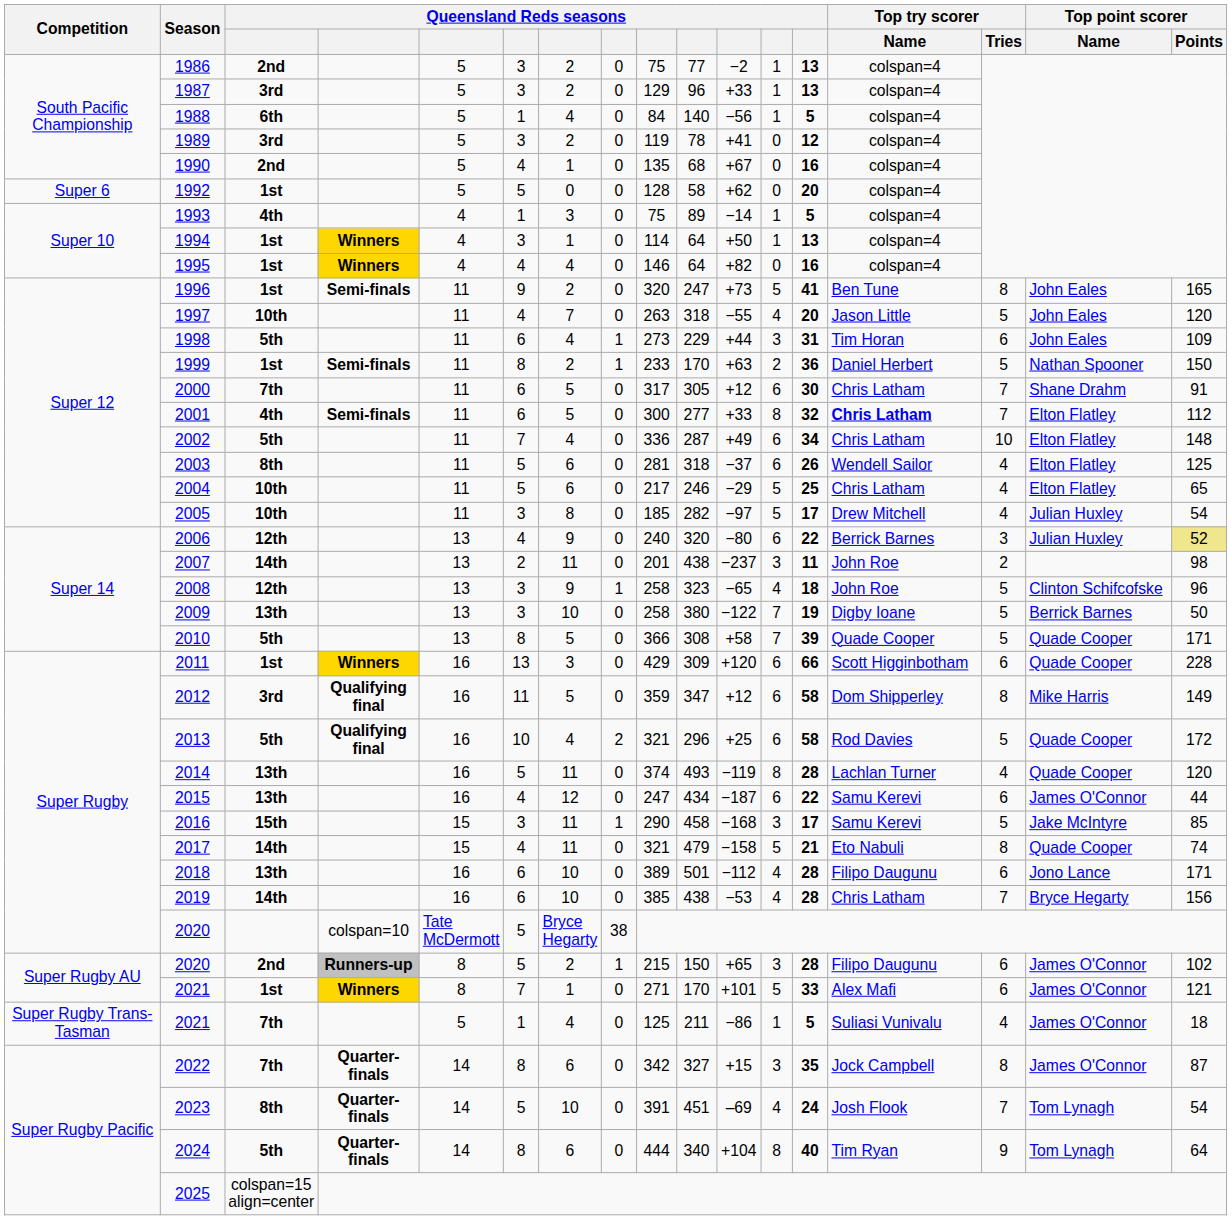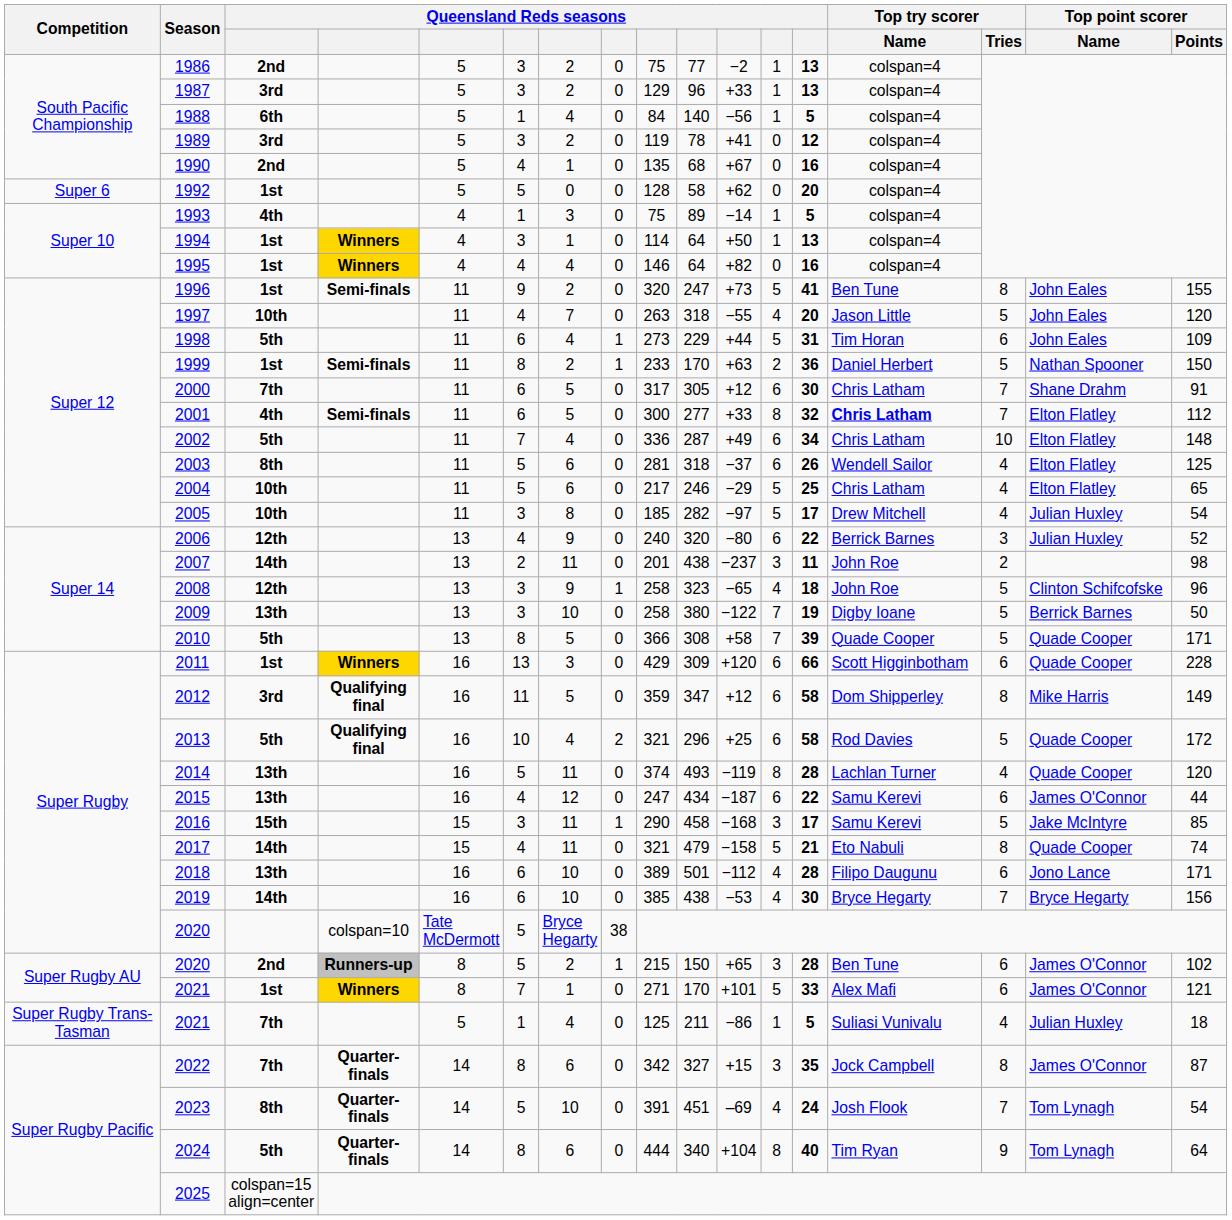 <table class="wikitable" style="text-align: center">
 <tr>
 <th rowspan="2" style="width:200px;">Competition</th>
 <th rowspan="2" style="width:60px;">Season</th>
 <th colspan=11><a href='#'>Queensland Reds seasons</a></th>
 <th colspan=2>Top try scorer</th>
 <th colspan=2>Top point scorer</th>
 </tr>
 <tr>
 <th width=40px></th>
 <th style="width:110px;"></th>
 <th width=40px></th>
 <th width=40px></th>
 <th width=40px></th>
 <th width=40px></th>
 <th width=40px></th>
 <th width=40px></th>
 <th width=40px></th>
 <th width=40px></th>
 <th width=40px></th>
 <th style="width:200px;">Name</th>
 <th>Tries</th>
 <th style="width:200px;">Name</th>
 <th>Points</th>
 </tr>
 <tr>
 <td rowspan=5><a href='#'>South Pacific Championship</a></td>
 <td><a href='#'>1986</a></td>
 <td><strong>2nd</strong></td>
 <td></td>
 <td>5</td>
 <td>3</td>
 <td>2</td>
 <td>0</td>
 <td>75</td>
 <td>77</td>
 <td>−2</td>
 <td>1</td>
 <td><strong>13</strong></td>
 <td>colspan=4 </td>
 </tr>
 <tr>
 <td><a href='#'>1987</a></td>
 <td><strong>3rd</strong></td>
 <td></td>
 <td>5</td>
 <td>3</td>
 <td>2</td>
 <td>0</td>
 <td>129</td>
 <td>96</td>
 <td>+33</td>
 <td>1</td>
 <td><strong>13</strong></td>
 <td>colspan=4 </td>
 </tr>
 <tr>
 <td><a href='#'>1988</a></td>
 <td><strong>6th</strong></td>
 <td></td>
 <td>5</td>
 <td>1</td>
 <td>4</td>
 <td>0</td>
 <td>84</td>
 <td>140</td>
 <td>−56</td>
 <td>1</td>
 <td><strong>5</strong></td>
 <td>colspan=4 </td>
 </tr>
 <tr>
 <td><a href='#'>1989</a></td>
 <td><strong>3rd</strong></td>
 <td></td>
 <td>5</td>
 <td>3</td>
 <td>2</td>
 <td>0</td>
 <td>119</td>
 <td>78</td>
 <td>+41</td>
 <td>0</td>
 <td><strong>12</strong></td>
 <td>colspan=4 </td>
 </tr>
 <tr>
 <td><a href='#'>1990</a></td>
 <td><strong>2nd</strong></td>
 <td></td>
 <td>5</td>
 <td>4</td>
 <td>1</td>
 <td>0</td>
 <td>135</td>
 <td>68</td>
 <td>+67</td>
 <td>0</td>
 <td><strong>16</strong></td>
 <td>colspan=4 </td>
 </tr>
 <tr>
 <td><a href='#'>Super 6</a></td>
 <td><a href='#'>1992</a></td>
 <td><strong>1st</strong></td>
 <td></td>
 <td>5</td>
 <td>5</td>
 <td>0</td>
 <td>0</td>
 <td>128</td>
 <td>58</td>
 <td>+62</td>
 <td>0</td>
 <td><strong>20</strong></td>
 <td>colspan=4 </td>
 </tr>
 <tr>
 <td rowspan="3"><a href='#'>Super 10</a></td>
 <td><a href='#'>1993</a></td>
 <td><strong>4th</strong></td>
 <td></td>
 <td>4</td>
 <td>1</td>
 <td>3</td>
 <td>0</td>
 <td>75</td>
 <td>89</td>
 <td>−14</td>
 <td>1</td>
 <td><strong>5</strong></td>
 <td>colspan=4 </td>
 </tr>
 <tr>
 <td><a href='#'>1994</a></td>
 <td><strong>1st</strong></td>
 <td bgcolor=gold><strong>Winners</strong></td>
 <td>4</td>
 <td>3</td>
 <td>1</td>
 <td>0</td>
 <td>114</td>
 <td>64</td>
 <td>+50</td>
 <td>1</td>
 <td><strong>13</strong></td>
 <td>colspan=4 </td>
 </tr>
 <tr>
 <td><a href='#'>1995</a></td>
 <td><strong>1st</strong></td>
 <td bgcolor=gold><strong>Winners</strong></td>
 <td>4</td>
 <td>4</td>
 <td>4</td>
 <td>0</td>
 <td>146</td>
 <td>64</td>
 <td>+82</td>
 <td>0</td>
 <td><strong>16</strong></td>
 <td>colspan=4 </td>
 </tr>
 <tr>
 <td rowspan="10"><a href='#'>Super 12</a></td>
 <td><a href='#'>1996</a></td>
 <td><strong>1st</strong></td>
 <td><strong>Semi-finals</strong></td>
 <td>11</td>
 <td>9</td>
 <td>2</td>
 <td>0</td>
 <td>320</td>
 <td>247</td>
 <td>+73</td>
 <td>5</td>
 <td><strong>41</strong></td>
 <td style=text-align:left> <a href='#'>Ben Tune</a></td>
 <td>8</td>
 <td style=text-align:left> <a href='#'>John Eales</a></td>
-<td>165</td>
+<td>155</td>
 </tr>
 <tr>
 <td><a href='#'>1997</a></td>
 <td><strong>10th</strong></td>
 <td></td>
 <td>11</td>
 <td>4</td>
 <td>7</td>
 <td>0</td>
 <td>263</td>
 <td>318</td>
 <td>−55</td>
 <td>4</td>
 <td><strong>20</strong></td>
 <td style=text-align:left> <a href='#'>Jason Little</a></td>
 <td>5</td>
 <td style=text-align:left> <a href='#'>John Eales</a></td>
 <td>120</td>
 </tr>
 <tr>
 <td><a href='#'>1998</a></td>
 <td><strong>5th</strong></td>
 <td></td>
 <td>11</td>
 <td>6</td>
 <td>4</td>
 <td>1</td>
 <td>273</td>
 <td>229</td>
 <td>+44</td>
-<td>3</td>
+<td>5</td>
 <td><strong>31</strong></td>
 <td style=text-align:left> <a href='#'>Tim Horan</a></td>
 <td>6</td>
 <td style=text-align:left> <a href='#'>John Eales</a></td>
 <td>109</td>
 </tr>
 <tr>
 <td><a href='#'>1999</a></td>
 <td><strong>1st</strong></td>
 <td><strong>Semi-finals</strong></td>
 <td>11</td>
 <td>8</td>
 <td>2</td>
 <td>1</td>
 <td>233</td>
 <td>170</td>
 <td>+63</td>
 <td>2</td>
 <td><strong>36</strong></td>
 <td style=text-align:left> <a href='#'>Daniel Herbert</a></td>
 <td>5</td>
 <td style=text-align:left> <a href='#'>Nathan Spooner</a></td>
 <td>150</td>
 </tr>
 <tr>
 <td><a href='#'>2000</a></td>
 <td><strong>7th</strong></td>
 <td></td>
 <td>11</td>
 <td>6</td>
 <td>5</td>
 <td>0</td>
 <td>317</td>
 <td>305</td>
 <td>+12</td>
 <td>6</td>
 <td><strong>30</strong></td>
 <td style=text-align:left> <a href='#'>Chris Latham</a></td>
 <td>7</td>
 <td style=text-align:left> <a href='#'>Shane Drahm</a></td>
 <td>91</td>
 </tr>
 <tr>
 <td><a href='#'>2001</a></td>
 <td><strong>4th</strong></td>
 <td><strong>Semi-finals</strong></td>
 <td>11</td>
 <td>6</td>
 <td>5</td>
 <td>0</td>
 <td>300</td>
 <td>277</td>
 <td>+33</td>
 <td>8</td>
 <td><strong>32</strong></td>
 <td style=text-align:left><strong> <a href='#'>Chris Latham</a></strong></td>
 <td>7</td>
 <td style=text-align:left> <a href='#'>Elton Flatley</a></td>
 <td>112</td>
 </tr>
 <tr>
 <td><a href='#'>2002</a></td>
 <td><strong>5th</strong></td>
 <td></td>
 <td>11</td>
 <td>7</td>
 <td>4</td>
 <td>0</td>
 <td>336</td>
 <td>287</td>
 <td>+49</td>
 <td>6</td>
 <td><strong>34</strong></td>
 <td style=text-align:left> <a href='#'>Chris Latham</a></td>
 <td>10</td>
 <td style=text-align:left> <a href='#'>Elton Flatley</a></td>
 <td>148</td>
 </tr>
 <tr>
 <td><a href='#'>2003</a></td>
 <td><strong>8th</strong></td>
 <td></td>
 <td>11</td>
 <td>5</td>
 <td>6</td>
 <td>0</td>
 <td>281</td>
 <td>318</td>
 <td>−37</td>
 <td>6</td>
 <td><strong>26</strong></td>
 <td style=text-align:left> <a href='#'>Wendell Sailor</a></td>
 <td>4</td>
 <td style=text-align:left> <a href='#'>Elton Flatley</a></td>
 <td>125</td>
 </tr>
 <tr>
 <td><a href='#'>2004</a></td>
 <td><strong>10th</strong></td>
 <td></td>
 <td>11</td>
 <td>5</td>
 <td>6</td>
 <td>0</td>
 <td>217</td>
 <td>246</td>
 <td>−29</td>
 <td>5</td>
 <td><strong>25</strong></td>
 <td style=text-align:left> <a href='#'>Chris Latham</a></td>
 <td>4</td>
 <td style=text-align:left> <a href='#'>Elton Flatley</a></td>
 <td>65</td>
 </tr>
 <tr>
 <td><a href='#'>2005</a></td>
 <td><strong>10th</strong></td>
 <td></td>
 <td>11</td>
 <td>3</td>
 <td>8</td>
 <td>0</td>
 <td>185</td>
 <td>282</td>
 <td>−97</td>
 <td>5</td>
 <td><strong>17</strong></td>
 <td style=text-align:left> <a href='#'>Drew Mitchell</a></td>
 <td>4</td>
 <td style=text-align:left> <a href='#'>Julian Huxley</a></td>
 <td>54</td>
 </tr>
 <tr>
 <td rowspan="5"><a href='#'>Super 14</a></td>
 <td><a href='#'>2006</a></td>
 <td><strong>12th</strong></td>
 <td></td>
 <td>13</td>
 <td>4</td>
 <td>9</td>
 <td>0</td>
 <td>240</td>
 <td>320</td>
 <td>−80</td>
 <td>6</td>
 <td><strong>22</strong></td>
 <td style=text-align:left> <a href='#'>Berrick Barnes</a></td>
 <td>3</td>
 <td style=text-align:left> <a href='#'>Julian Huxley</a></td>
-<td style="background: khaki;">52</td>
+<td>52</td>
 </tr>
 <tr>
 <td><a href='#'>2007</a></td>
 <td><strong>14th</strong></td>
 <td></td>
 <td>13</td>
 <td>2</td>
 <td>11</td>
 <td>0</td>
 <td>201</td>
 <td>438</td>
 <td>−237</td>
 <td>3</td>
 <td><strong>11</strong></td>
 <td style=text-align:left> <a href='#'>John Roe</a></td>
 <td>2</td>
 <td style=text-align:left></td>
 <td>98</td>
 </tr>
 <tr>
 <td><a href='#'>2008</a></td>
 <td><strong>12th</strong></td>
 <td></td>
 <td>13</td>
 <td>3</td>
 <td>9</td>
 <td>1</td>
 <td>258</td>
 <td>323</td>
 <td>−65</td>
 <td>4</td>
 <td><strong>18</strong></td>
 <td style=text-align:left> <a href='#'>John Roe</a></td>
 <td>5</td>
 <td style=text-align:left> <a href='#'>Clinton Schifcofske</a></td>
 <td>96</td>
 </tr>
 <tr>
 <td><a href='#'>2009</a></td>
 <td><strong>13th</strong></td>
 <td></td>
 <td>13</td>
 <td>3</td>
 <td>10</td>
 <td>0</td>
 <td>258</td>
 <td>380</td>
 <td>−122</td>
 <td>7</td>
 <td><strong>19</strong></td>
 <td style=text-align:left> <a href='#'>Digby Ioane</a></td>
 <td>5</td>
 <td style=text-align:left> <a href='#'>Berrick Barnes</a></td>
 <td>50</td>
 </tr>
 <tr>
 <td><a href='#'>2010</a></td>
 <td><strong>5th</strong></td>
 <td></td>
 <td>13</td>
 <td>8</td>
 <td>5</td>
 <td>0</td>
 <td>366</td>
 <td>308</td>
 <td>+58</td>
 <td>7</td>
 <td><strong>39</strong></td>
 <td style=text-align:left> <a href='#'>Quade Cooper</a></td>
 <td>5</td>
 <td style=text-align:left> <a href='#'>Quade Cooper</a></td>
 <td>171</td>
 </tr>
 <tr>
 <td rowspan="10"><a href='#'>Super Rugby</a></td>
 <td><a href='#'>2011</a></td>
 <td><strong>1st</strong></td>
 <td bgcolor=gold><strong>Winners</strong></td>
 <td>16</td>
 <td>13</td>
 <td>3</td>
 <td>0</td>
 <td>429</td>
 <td>309</td>
 <td>+120</td>
 <td>6</td>
 <td><strong>66</strong></td>
 <td style=text-align:left> <a href='#'>Scott Higginbotham</a></td>
 <td>6</td>
 <td style=text-align:left> <a href='#'>Quade Cooper</a></td>
 <td>228</td>
 </tr>
 <tr>
 <td><a href='#'>2012</a></td>
 <td><strong>3rd</strong></td>
 <td><strong>Qualifying final</strong></td>
 <td>16</td>
 <td>11</td>
 <td>5</td>
 <td>0</td>
 <td>359</td>
 <td>347</td>
 <td>+12</td>
 <td>6</td>
 <td><strong>58</strong></td>
 <td style=text-align:left> <a href='#'>Dom Shipperley</a></td>
 <td>8</td>
 <td style=text-align:left> <a href='#'>Mike Harris</a></td>
 <td>149</td>
 </tr>
 <tr>
 <td><a href='#'>2013</a></td>
 <td><strong>5th</strong></td>
 <td><strong>Qualifying final</strong></td>
 <td>16</td>
 <td>10</td>
 <td>4</td>
 <td>2</td>
 <td>321</td>
 <td>296</td>
 <td>+25</td>
 <td>6</td>
 <td><strong>58</strong></td>
 <td style=text-align:left> <a href='#'>Rod Davies</a></td>
 <td>5</td>
 <td style=text-align:left> <a href='#'>Quade Cooper</a></td>
 <td>172</td>
 </tr>
 <tr>
 <td><a href='#'>2014</a></td>
 <td><strong>13th</strong></td>
 <td></td>
 <td>16</td>
 <td>5</td>
 <td>11</td>
 <td>0</td>
 <td>374</td>
 <td>493</td>
 <td>−119</td>
 <td>8</td>
 <td><strong>28</strong></td>
 <td style=text-align:left> <a href='#'>Lachlan Turner</a></td>
 <td>4</td>
 <td style=text-align:left> <a href='#'>Quade Cooper</a></td>
 <td>120</td>
 </tr>
 <tr>
 <td><a href='#'>2015</a></td>
 <td><strong>13th</strong></td>
 <td></td>
 <td>16</td>
 <td>4</td>
 <td>12</td>
 <td>0</td>
 <td>247</td>
 <td>434</td>
 <td>−187</td>
 <td>6</td>
 <td><strong>22</strong></td>
 <td style=text-align:left> <a href='#'>Samu Kerevi</a></td>
 <td>6</td>
 <td style=text-align:left> <a href='#'>James O'Connor</a></td>
 <td>44</td>
 </tr>
 <tr>
 <td><a href='#'>2016</a></td>
 <td><strong>15th</strong></td>
 <td></td>
 <td>15</td>
 <td>3</td>
 <td>11</td>
 <td>1</td>
 <td>290</td>
 <td>458</td>
 <td>−168</td>
 <td>3</td>
 <td><strong>17</strong></td>
 <td style=text-align:left> <a href='#'>Samu Kerevi</a></td>
 <td>5</td>
 <td style=text-align:left> <a href='#'>Jake McIntyre</a></td>
 <td>85</td>
 </tr>
 <tr>
 <td><a href='#'>2017</a></td>
 <td><strong>14th</strong></td>
 <td></td>
 <td>15</td>
 <td>4</td>
 <td>11</td>
 <td>0</td>
 <td>321</td>
 <td>479</td>
 <td>−158</td>
 <td>5</td>
 <td><strong>21</strong></td>
 <td style=text-align:left> <a href='#'>Eto Nabuli</a></td>
 <td>8</td>
 <td style=text-align:left> <a href='#'>Quade Cooper</a></td>
 <td>74</td>
 </tr>
 <tr>
 <td><a href='#'>2018</a></td>
 <td><strong>13th</strong></td>
 <td></td>
 <td>16</td>
 <td>6</td>
 <td>10</td>
 <td>0</td>
 <td>389</td>
 <td>501</td>
 <td>−112</td>
 <td>4</td>
 <td><strong>28</strong></td>
 <td style=text-align:left> <a href='#'>Filipo Daugunu</a></td>
 <td>6</td>
 <td style=text-align:left> <a href='#'>Jono Lance</a></td>
 <td>171</td>
 </tr>
 <tr>
 <td><a href='#'>2019</a></td>
 <td><strong>14th</strong></td>
 <td></td>
 <td>16</td>
 <td>6</td>
 <td>10</td>
 <td>0</td>
 <td>385</td>
 <td>438</td>
 <td>−53</td>
 <td>4</td>
-<td><strong>28</strong></td>
-<td style=text-align:left> <a href='#'>Chris Latham</a></td>
+<td><strong>30</strong></td>
+<td style=text-align:left> <a href='#'>Bryce Hegarty</a></td>
 <td>7</td>
 <td style=text-align:left> <a href='#'>Bryce Hegarty</a></td>
 <td>156</td>
 </tr>
 <tr>
 <td><a href='#'>2020</a></td>
 <td></td>
 <td>colspan=10 </td>
 <td style=text-align:left> <a href='#'>Tate McDermott</a></td>
 <td>5</td>
 <td style=text-align:left> <a href='#'>Bryce Hegarty</a></td>
 <td>38</td>
 </tr>
 <tr>
 <td rowspan="2"><a href='#'>Super Rugby AU</a></td>
 <td><a href='#'>2020</a></td>
 <td><strong>2nd</strong></td>
 <td style="background:silver;"><strong>Runners-up</strong></td>
 <td>8</td>
 <td>5</td>
 <td>2</td>
 <td>1</td>
 <td>215</td>
 <td>150</td>
 <td>+65</td>
 <td>3</td>
 <td><strong>28</strong></td>
-<td style=text-align:left> <a href='#'>Filipo Daugunu</a></td>
+<td style=text-align:left> <a href='#'>Ben Tune</a></td>
 <td>6</td>
 <td style=text-align:left> <a href='#'>James O'Connor</a></td>
 <td>102</td>
 </tr>
 <tr>
 <td><a href='#'>2021</a></td>
 <td><strong>1st</strong></td>
 <td bgcolor=gold><strong>Winners</strong></td>
 <td>8</td>
 <td>7</td>
 <td>1</td>
 <td>0</td>
 <td>271</td>
 <td>170</td>
 <td>+101</td>
 <td>5</td>
 <td><strong>33</strong></td>
 <td style=text-align:left> <a href='#'>Alex Mafi</a></td>
 <td>6</td>
 <td style=text-align:left> <a href='#'>James O'Connor</a></td>
 <td>121</td>
 </tr>
 <tr>
 <td><a href='#'>Super Rugby Trans-Tasman</a></td>
 <td><a href='#'>2021</a></td>
 <td><strong>7th</strong></td>
 <td></td>
 <td>5</td>
 <td>1</td>
 <td>4</td>
 <td>0</td>
 <td>125</td>
 <td>211</td>
 <td>−86</td>
 <td>1</td>
 <td><strong>5</strong></td>
 <td style=text-align:left> <a href='#'>Suliasi Vunivalu</a></td>
 <td>4</td>
-<td style=text-align:left> <a href='#'>James O'Connor</a></td>
+<td style=text-align:left> <a href='#'>Julian Huxley</a></td>
 <td>18</td>
 </tr>
 <tr>
 <td rowspan="4"><a href='#'>Super Rugby Pacific</a></td>
 <td><a href='#'>2022</a></td>
 <td><strong>7th</strong></td>
 <td><strong>Quarter-finals</strong></td>
 <td>14</td>
 <td>8</td>
 <td>6</td>
 <td>0</td>
 <td>342</td>
 <td>327</td>
 <td>+15</td>
 <td>3</td>
 <td><strong>35</strong></td>
 <td style=text-align:left> <a href='#'>Jock Campbell</a></td>
 <td>8</td>
 <td style=text-align:left> <a href='#'>James O'Connor</a></td>
 <td>87</td>
 </tr>
 <tr>
 <td><a href='#'>2023</a></td>
 <td><strong>8th</strong></td>
 <td><strong>Quarter-finals</strong></td>
 <td>14</td>
 <td>5</td>
 <td>10</td>
 <td>0</td>
 <td>391</td>
 <td>451</td>
 <td>–69</td>
 <td>4</td>
 <td><strong>24</strong></td>
 <td style=text-align:left> <a href='#'>Josh Flook</a></td>
 <td>7</td>
 <td style=text-align:left> <a href='#'>Tom Lynagh</a></td>
 <td>54</td>
 </tr>
 <tr>
 <td><a href='#'>2024</a></td>
 <td><strong>5th</strong></td>
 <td><strong>Quarter-finals</strong></td>
 <td>14</td>
 <td>8</td>
 <td>6</td>
 <td>0</td>
 <td>444</td>
 <td>340</td>
 <td>+104</td>
 <td>8</td>
 <td><strong>40</strong></td>
 <td style=text-align:left> <a href='#'>Tim Ryan</a></td>
 <td>9</td>
 <td style=text-align:left> <a href='#'>Tom Lynagh</a></td>
 <td>64</td>
 </tr>
 <tr>
 <td><a href='#'>2025</a></td>
 <td>colspan=15 align=center </td>
 </tr>
 </table>
